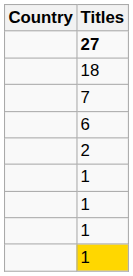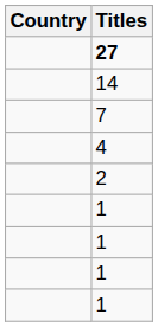 <table class="wikitable sortable">
 <tr>
 <th>Country</th>
 <th>Titles</th>
 </tr>
 <tr>
 <td></td>
 <td><strong>27</strong></td>
 </tr>
 <tr>
 <td></td>
-<td>18</td>
+<td>14</td>
 </tr>
 <tr>
 <td></td>
 <td>7</td>
 </tr>
 <tr>
 <td></td>
-<td>6</td>
+<td>4</td>
 </tr>
 <tr>
 <td></td>
 <td>2</td>
 </tr>
 <tr>
 <td></td>
 <td>1</td>
 </tr>
 <tr>
 <td></td>
 <td>1</td>
 </tr>
 <tr>
 <td></td>
 <td>1</td>
 </tr>
 <tr>
 <td></td>
-<td style="background: gold;">1</td>
+<td>1</td>
 </tr>
 </table>
